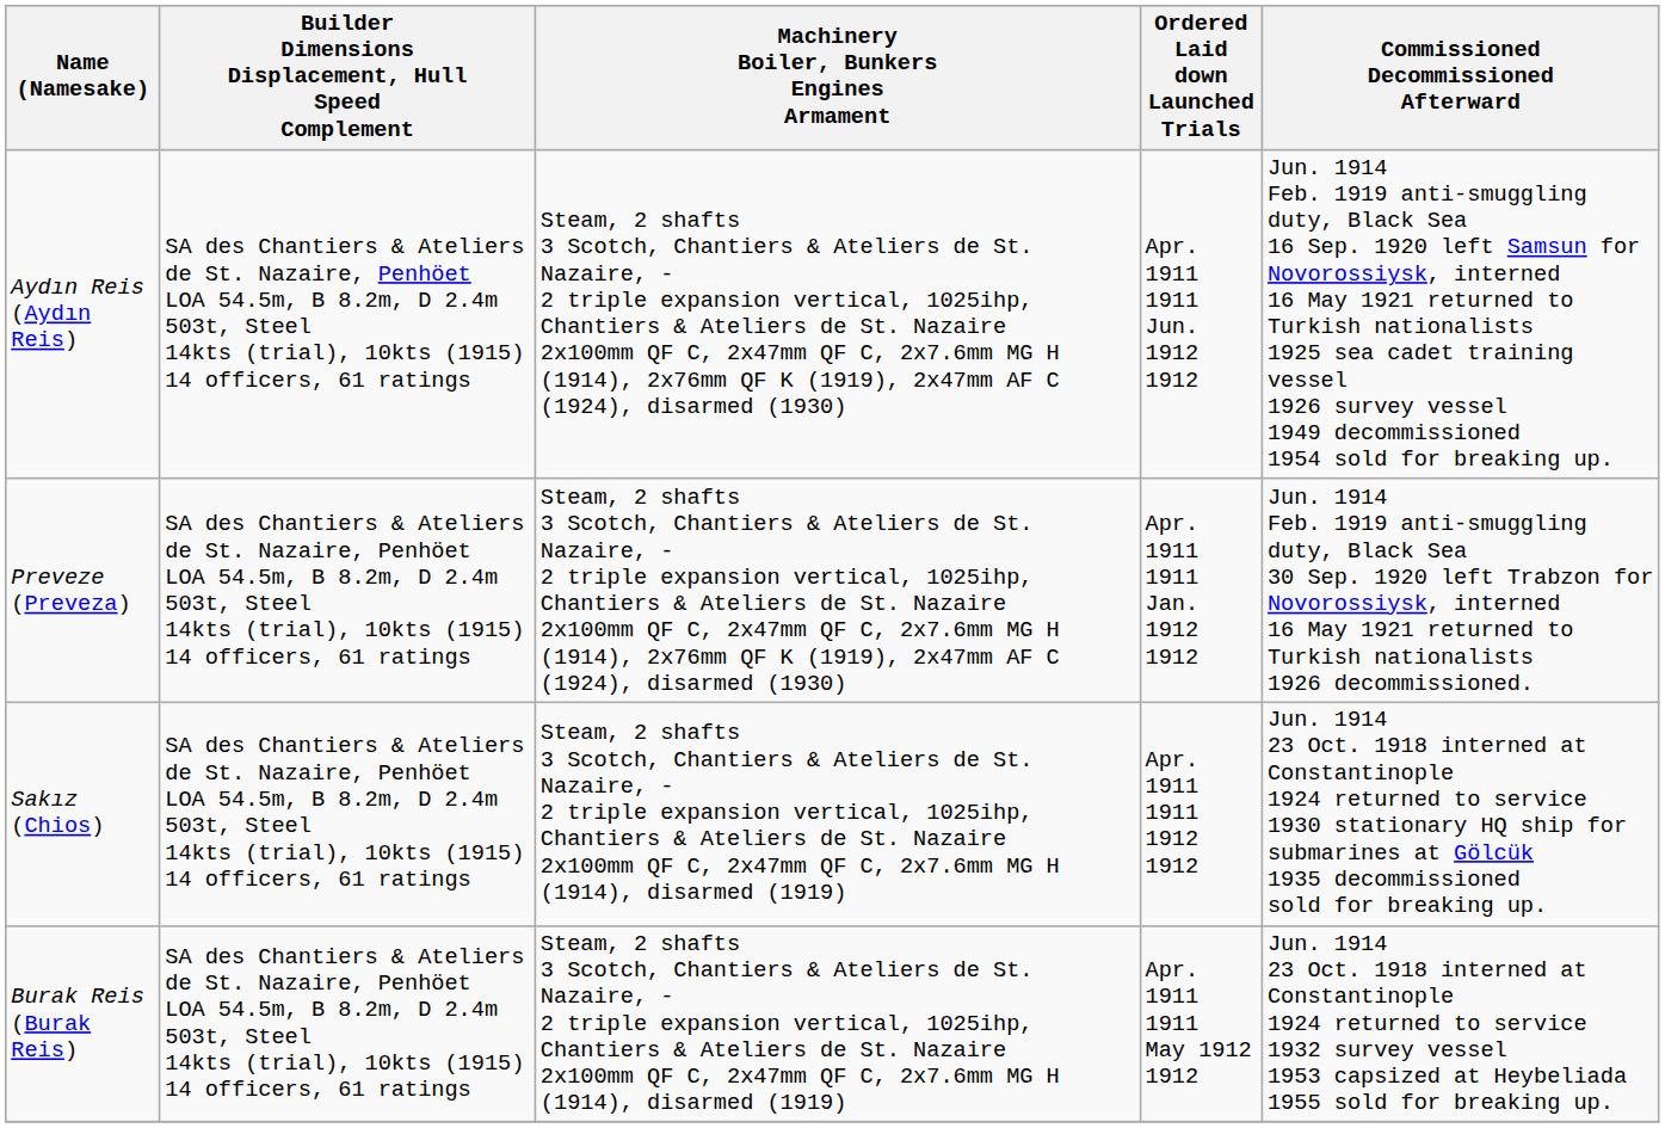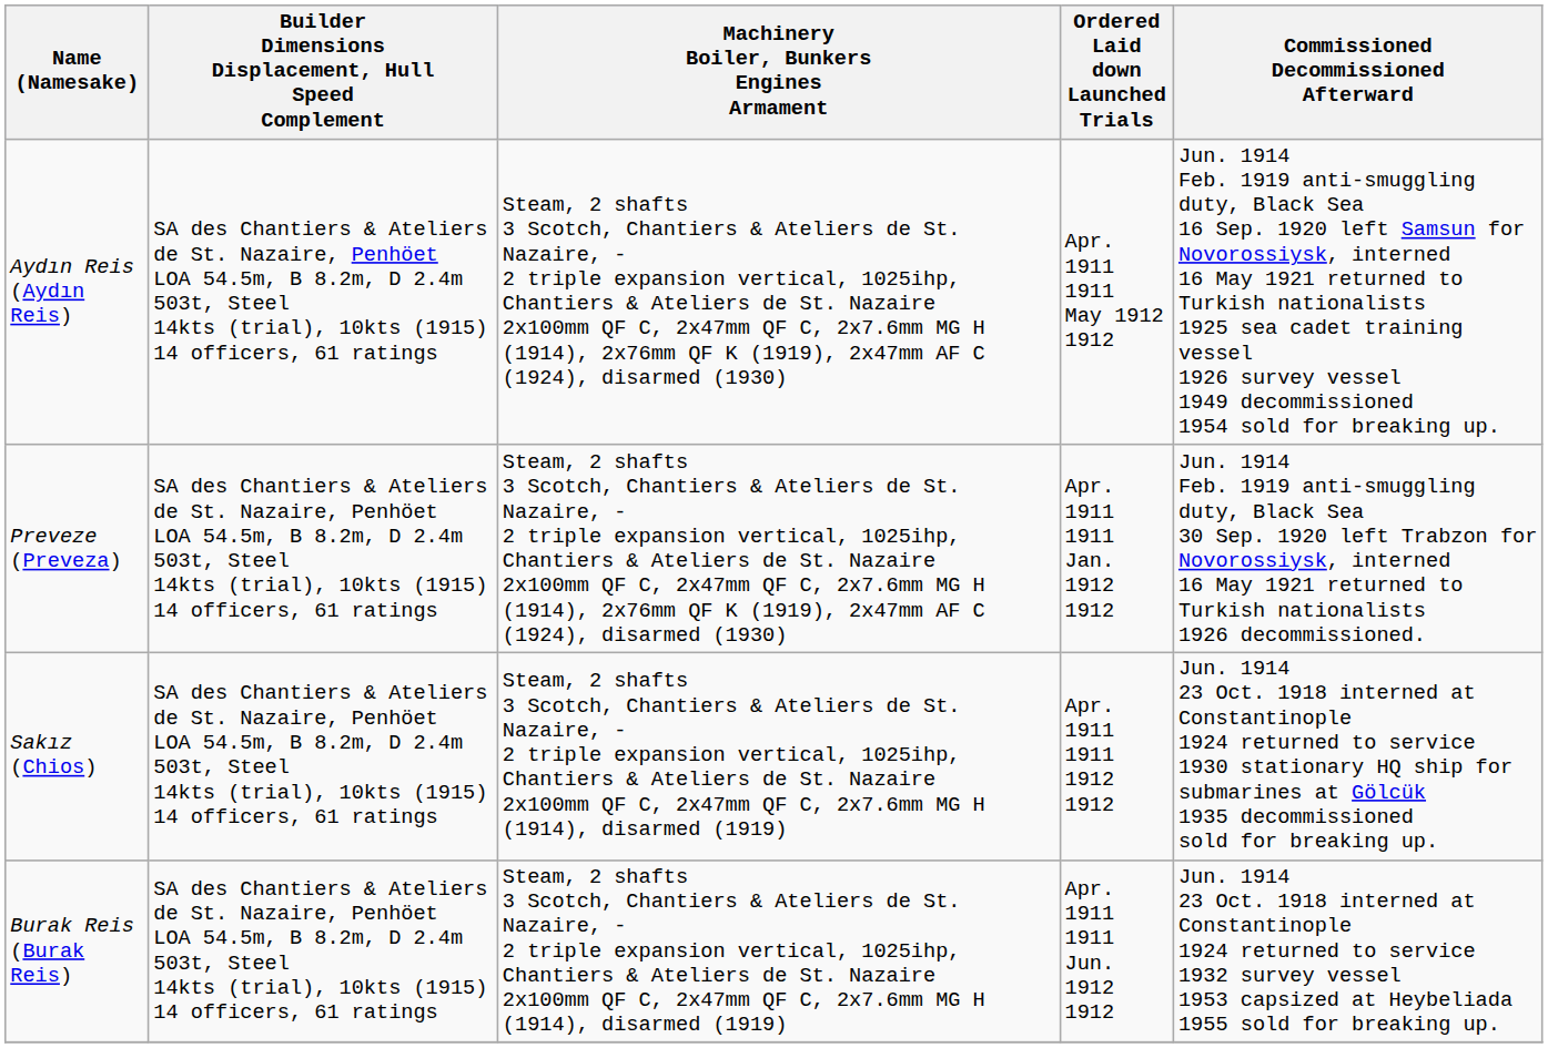 <table class="wikitable" style="font-size:90%;">
 <tr bgcolor="#e6e9ff">
 <th>Name<br>(Namesake)</th>
 <th>Builder<br>Dimensions<br>Displacement, Hull<br>Speed<br>Complement</th>
 <th>Machinery<br>Boiler, Bunkers<br>Engines<br>Armament</th>
 <th>Ordered<br>Laid down<br>Launched<br>Trials</th>
 <th>Commissioned<br>Decommissioned<br>Afterward</th>
 </tr>
 <tr ---->
 <td><em>Aydın Reis</em><br>(<a href='#'>Aydın Reis</a>)</td>
 <td> SA des Chantiers & Ateliers de St. Nazaire, <a href='#'>Penhöet</a><br>LOA 54.5m, B 8.2m, D 2.4m<br>503t, Steel<br>14kts (trial), 10kts (1915)<br>14 officers, 61 ratings</td>
 <td>Steam, 2 shafts<br>3 Scotch, Chantiers & Ateliers de St. Nazaire, -<br>2 triple expansion vertical, 1025ihp, Chantiers & Ateliers de St. Nazaire<br>2x100mm QF C, 2x47mm QF C, 2x7.6mm MG H (1914), 2x76mm QF K (1919), 2x47mm AF C (1924), disarmed (1930)</td>
-<td>Apr. 1911<br>1911<br>Jun. 1912<br>1912</td>
+<td>Apr. 1911<br>1911<br>May 1912<br>1912</td>
 <td>Jun. 1914<br>Feb. 1919 anti-smuggling duty, Black Sea<br>16 Sep. 1920 left <a href='#'>Samsun</a> for <a href='#'>Novorossiysk</a>, interned<br>16 May 1921 returned to Turkish nationalists<br>1925 sea cadet training vessel<br>1926 survey vessel<br>1949 decommissioned<br>1954 sold for breaking up.</td>
 </tr>
 <tr ---->
 <td><em>Preveze</em><br>(<a href='#'>Preveza</a>)</td>
 <td> SA des Chantiers & Ateliers de St. Nazaire, Penhöet<br>LOA 54.5m, B 8.2m, D 2.4m<br>503t, Steel<br>14kts (trial), 10kts (1915)<br>14 officers, 61 ratings</td>
 <td>Steam, 2 shafts<br>3 Scotch, Chantiers & Ateliers de St. Nazaire, -<br>2 triple expansion vertical, 1025ihp, Chantiers & Ateliers de St. Nazaire<br>2x100mm QF C, 2x47mm QF C, 2x7.6mm MG H (1914), 2x76mm QF K (1919), 2x47mm AF C (1924), disarmed (1930)</td>
 <td>Apr. 1911<br>1911<br>Jan. 1912<br>1912</td>
 <td>Jun. 1914<br>Feb. 1919 anti-smuggling duty, Black Sea<br>30 Sep. 1920 left Trabzon for <a href='#'>Novorossiysk</a>, interned<br>16 May 1921 returned to Turkish nationalists<br>1926 decommissioned.</td>
 </tr>
 <tr ---->
 <td><em>Sakız</em><br>(<a href='#'>Chios</a>)</td>
 <td> SA des Chantiers & Ateliers de St. Nazaire, Penhöet<br>LOA 54.5m, B 8.2m, D 2.4m<br>503t, Steel<br>14kts (trial), 10kts (1915)<br>14 officers, 61 ratings</td>
 <td>Steam, 2 shafts<br>3 Scotch, Chantiers & Ateliers de St. Nazaire, -<br>2 triple expansion vertical, 1025ihp, Chantiers & Ateliers de St. Nazaire<br>2x100mm QF C, 2x47mm QF C, 2x7.6mm MG H (1914), disarmed (1919)</td>
 <td>Apr. 1911<br>1911<br>1912<br>1912</td>
 <td>Jun. 1914<br>23 Oct. 1918 interned at Constantinople<br>1924 returned to service<br>1930 stationary HQ ship for submarines at <a href='#'>Gölcük</a><br>1935 decommissioned<br>sold for breaking up.</td>
 </tr>
 <tr ---->
 <td><em>Burak Reis</em><br>(<a href='#'>Burak Reis</a>)</td>
 <td> SA des Chantiers & Ateliers de St. Nazaire, Penhöet<br>LOA 54.5m, B 8.2m, D 2.4m<br>503t, Steel<br>14kts (trial), 10kts (1915)<br>14 officers, 61 ratings</td>
 <td>Steam, 2 shafts<br>3 Scotch, Chantiers & Ateliers de St. Nazaire, -<br>2 triple expansion vertical, 1025ihp, Chantiers & Ateliers de St. Nazaire<br>2x100mm QF C, 2x47mm QF C, 2x7.6mm MG H (1914), disarmed (1919)</td>
-<td>Apr. 1911<br>1911<br>May 1912<br>1912</td>
+<td>Apr. 1911<br>1911<br>Jun. 1912<br>1912</td>
 <td>Jun. 1914<br>23 Oct. 1918  interned at Constantinople<br>1924 returned to service<br>1932 survey vessel<br>1953 capsized at Heybeliada<br>1955 sold for breaking up.</td>
 </tr>
 <tr ---->
 </tr>
 </table>
